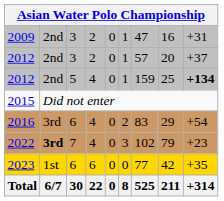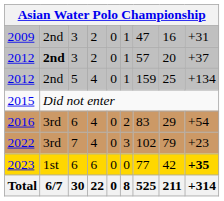 <table class="wikitable">
 <tr>
 <th colspan=10><a href='#'>Asian Water Polo Championship</a></th>
 </tr>
 <tr bgcolor=silver>
 <td><a href='#'>2009</a></td>
 <td>2nd</td>
 <td>3</td>
 <td>2</td>
 <td>0</td>
 <td>1</td>
 <td>47</td>
 <td>16</td>
 <td>+31</td>
 </tr>
 <tr bgcolor=silver>
 <td><a href='#'>2012</a></td>
-<td>2nd</td>
+<td><strong>2nd</strong></td>
 <td>3</td>
 <td>2</td>
 <td>0</td>
 <td>1</td>
 <td>57</td>
 <td>20</td>
 <td>+37</td>
 </tr>
 <tr bgcolor=silver>
 <td><a href='#'>2012</a></td>
 <td>2nd</td>
 <td>5</td>
 <td>4</td>
 <td>0</td>
 <td>1</td>
 <td>159</td>
 <td>25</td>
-<td><strong>+134</strong></td>
+<td>+134</td>
 </tr>
 <tr>
 <td><a href='#'>2015</a></td>
 <td colspan=8><em>Did not enter</em></td>
 </tr>
 <tr bgcolor=#cc9966>
 <td><a href='#'>2016</a></td>
 <td>3rd</td>
 <td>6</td>
 <td>4</td>
 <td>0</td>
 <td>2</td>
 <td>83</td>
 <td>29</td>
 <td>+54</td>
 </tr>
 <tr bgcolor=#cc9966>
 <td><a href='#'>2022</a></td>
-<td><strong>3rd</strong></td>
+<td>3rd</td>
 <td>7</td>
 <td>4</td>
 <td>0</td>
 <td>3</td>
 <td>102</td>
 <td>79</td>
 <td>+23</td>
 </tr>
 <tr bgcolor=gold>
 <td><a href='#'>2023</a></td>
 <td>1st</td>
 <td>6</td>
 <td>6</td>
 <td>0</td>
 <td>0</td>
 <td>77</td>
 <td>42</td>
-<td>+35</td>
+<td><strong>+35</strong></td>
 </tr>
 <tr>
 <th>Total</th>
 <th>6/7</th>
 <th>30</th>
 <th>22</th>
 <th>0</th>
 <th>8</th>
 <th>525</th>
 <th>211</th>
 <th>+314</th>
 </tr>
 </table>
